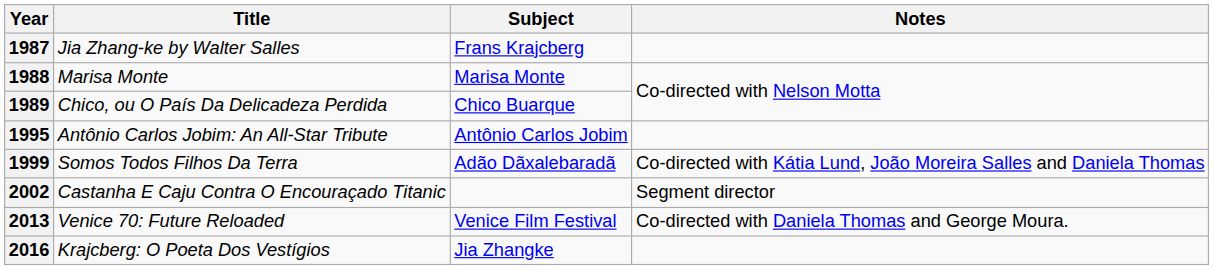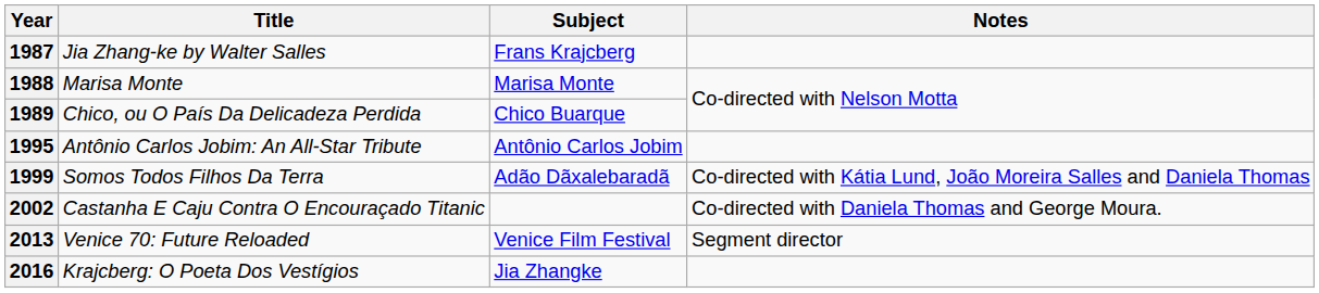 <table class="wikitable plainrowheaders">
 <tr>
 <th scope="col">Year</th>
 <th scope="col">Title</th>
 <th scope="col">Subject</th>
 <th scope="col">Notes</th>
 </tr>
 <tr>
 <th style="text-align:center;">1987</th>
 <td><em>Jia Zhang-ke by Walter Salles</em></td>
 <td><a href='#'>Frans Krajcberg</a></td>
 <td></td>
 </tr>
 <tr>
 <th style="text-align:center;">1988</th>
 <td><em>Marisa Monte</em></td>
 <td><a href='#'>Marisa Monte</a></td>
 <td rowspan="2">Co-directed with <a href='#'>Nelson Motta</a></td>
 </tr>
 <tr>
 <th style="text-align:center;">1989</th>
 <td><em>Chico, ou O País Da Delicadeza Perdida</em></td>
 <td><a href='#'>Chico Buarque</a></td>
 </tr>
 <tr>
 <th style="text-align:center;">1995</th>
 <td><em>Antônio Carlos Jobim: An All-Star Tribute</em></td>
 <td><a href='#'>Antônio Carlos Jobim</a></td>
 <td></td>
 </tr>
 <tr>
 <th style="text-align:center;">1999</th>
 <td><em>Somos Todos Filhos Da Terra</em></td>
 <td><a href='#'>Adão Dãxalebaradã</a></td>
 <td>Co-directed with <a href='#'>Kátia Lund</a>, <a href='#'>João Moreira Salles</a> and <a href='#'>Daniela Thomas</a></td>
 </tr>
 <tr>
 <th style="text-align:center;">2002</th>
 <td><em>Castanha E Caju Contra O Encouraçado Titanic</em></td>
 <td></td>
-<td>Segment director</td>
+<td>Co-directed with <a href='#'>Daniela Thomas</a> and George Moura.</td>
 </tr>
 <tr>
 <th style="text-align:center;">2013</th>
 <td><em>Venice 70: Future Reloaded</em> </td>
 <td><a href='#'>Venice Film Festival</a></td>
-<td>Co-directed with <a href='#'>Daniela Thomas</a> and George Moura.</td>
+<td>Segment director</td>
 </tr>
 <tr>
 <th style="text-align:center;">2016</th>
 <td><em>Krajcberg: O Poeta Dos Vestígios</em></td>
 <td><a href='#'>Jia Zhangke</a></td>
 <td></td>
 </tr>
 </table>
